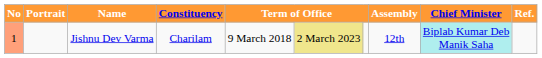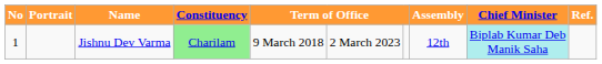 <table class="wikitable">
 <tr>
 <th style="background-color:#FF9933; color:white">No</th>
 <th style="background-color:#FF9933; color:white">Portrait</th>
 <th style="background-color:#FF9933; color:white">Name</th>
 <th style="background-color:#FF9933; color:white"><a href='#'>Constituency</a></th>
 <th colspan="3" style="background-color:#FF9933; color:white">Term of Office</th>
 <th style="background-color:#FF9933; color:white">Assembly</th>
 <th style="background-color:#FF9933; color:white"><a href='#'>Chief Minister</a></th>
 <th style="background-color:#FF9933; color:white">Ref.</th>
 </tr>
 <tr style="text-align:center;">
-<td style="background: lightsalmon;">1</td>
+<td>1</td>
 <td></td>
 <td><a href='#'>Jishnu Dev Varma</a></td>
-<td><a href='#'>Charilam</a></td>
+<td style="background: lightgreen;"><a href='#'>Charilam</a></td>
 <td>9 March 2018</td>
-<td style="background: khaki;">2 March 2023</td>
+<td>2 March 2023</td>
 <td></td>
 <td><a href='#'>12th</a></td>
 <td style="background: paleturquoise;"><a href='#'>Biplab Kumar Deb</a><br><a href='#'>Manik Saha</a></td>
 <td></td>
 </tr>
 </table>
